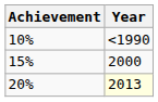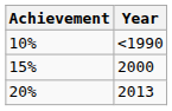 <table class=wikitable style="margin-left: auto; margin-right: auto; border: none;">
 <tr>
 <th>Achievement</th>
 <th>Year</th>
 </tr>
 <tr>
 <td>10%</td>
 <td><1990</td>
 </tr>
 <tr>
 <td>15%</td>
 <td>2000</td>
 </tr>
 <tr>
 <td>20%</td>
-<td style="background: lightyellow;">2013</td>
+<td>2013</td>
 </tr>
 </table>
